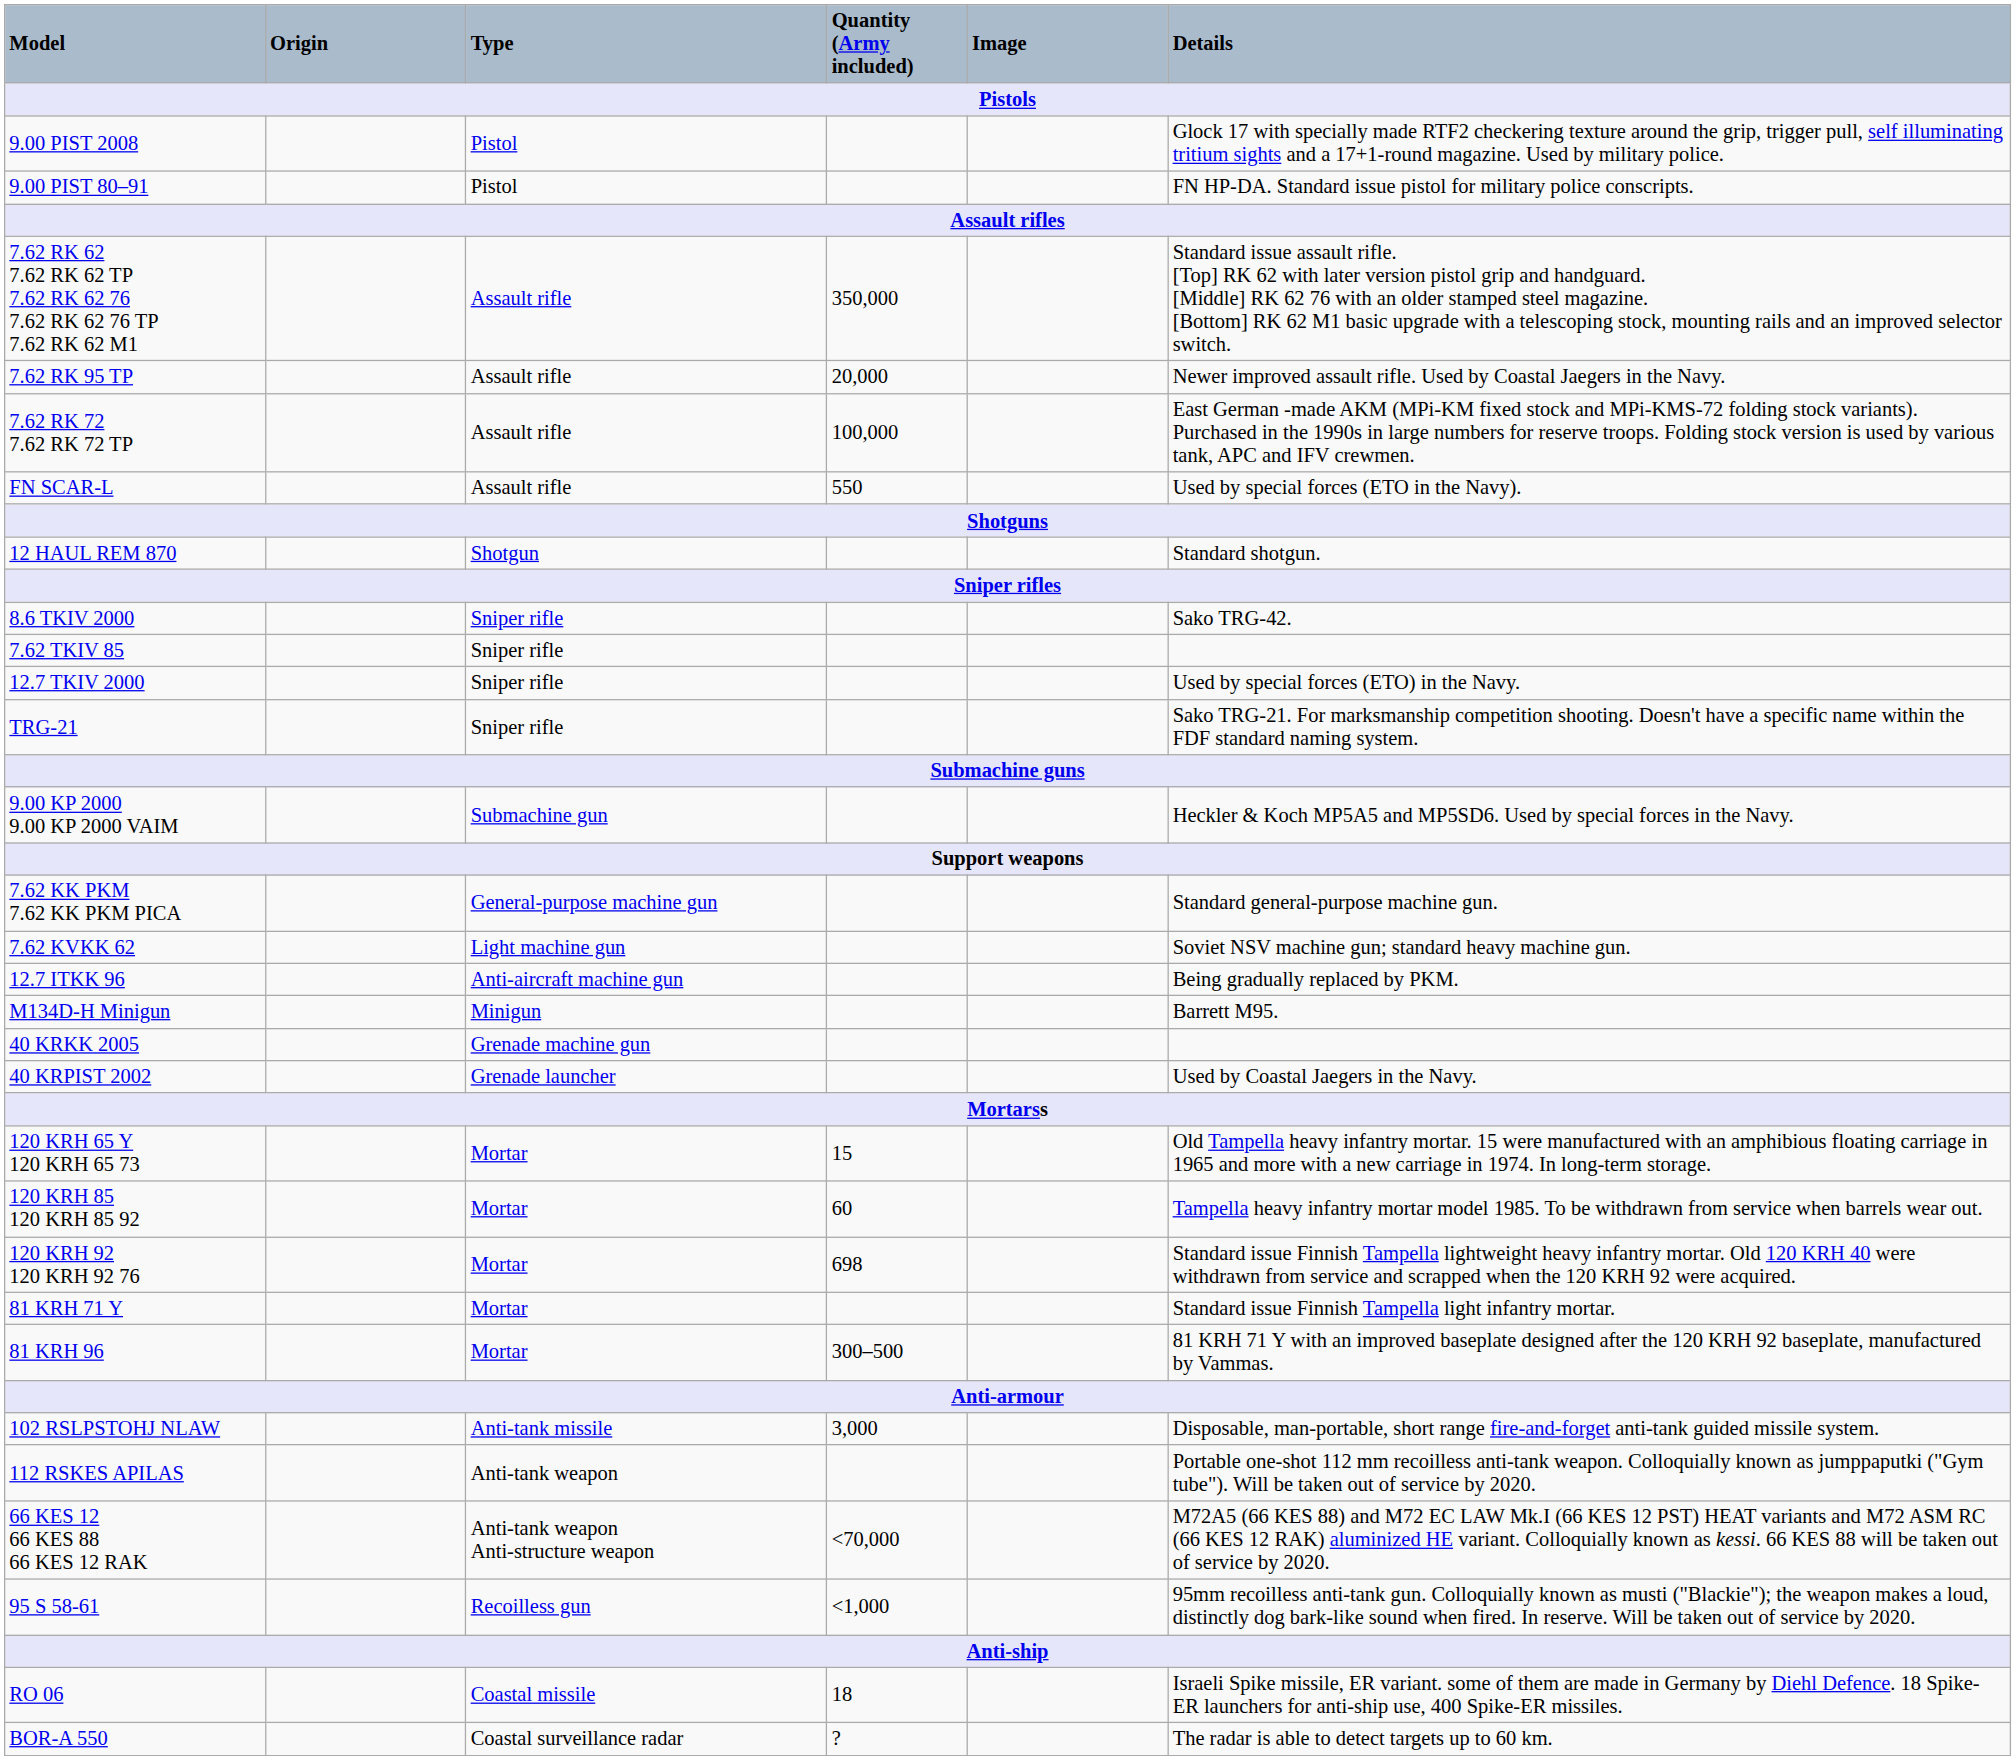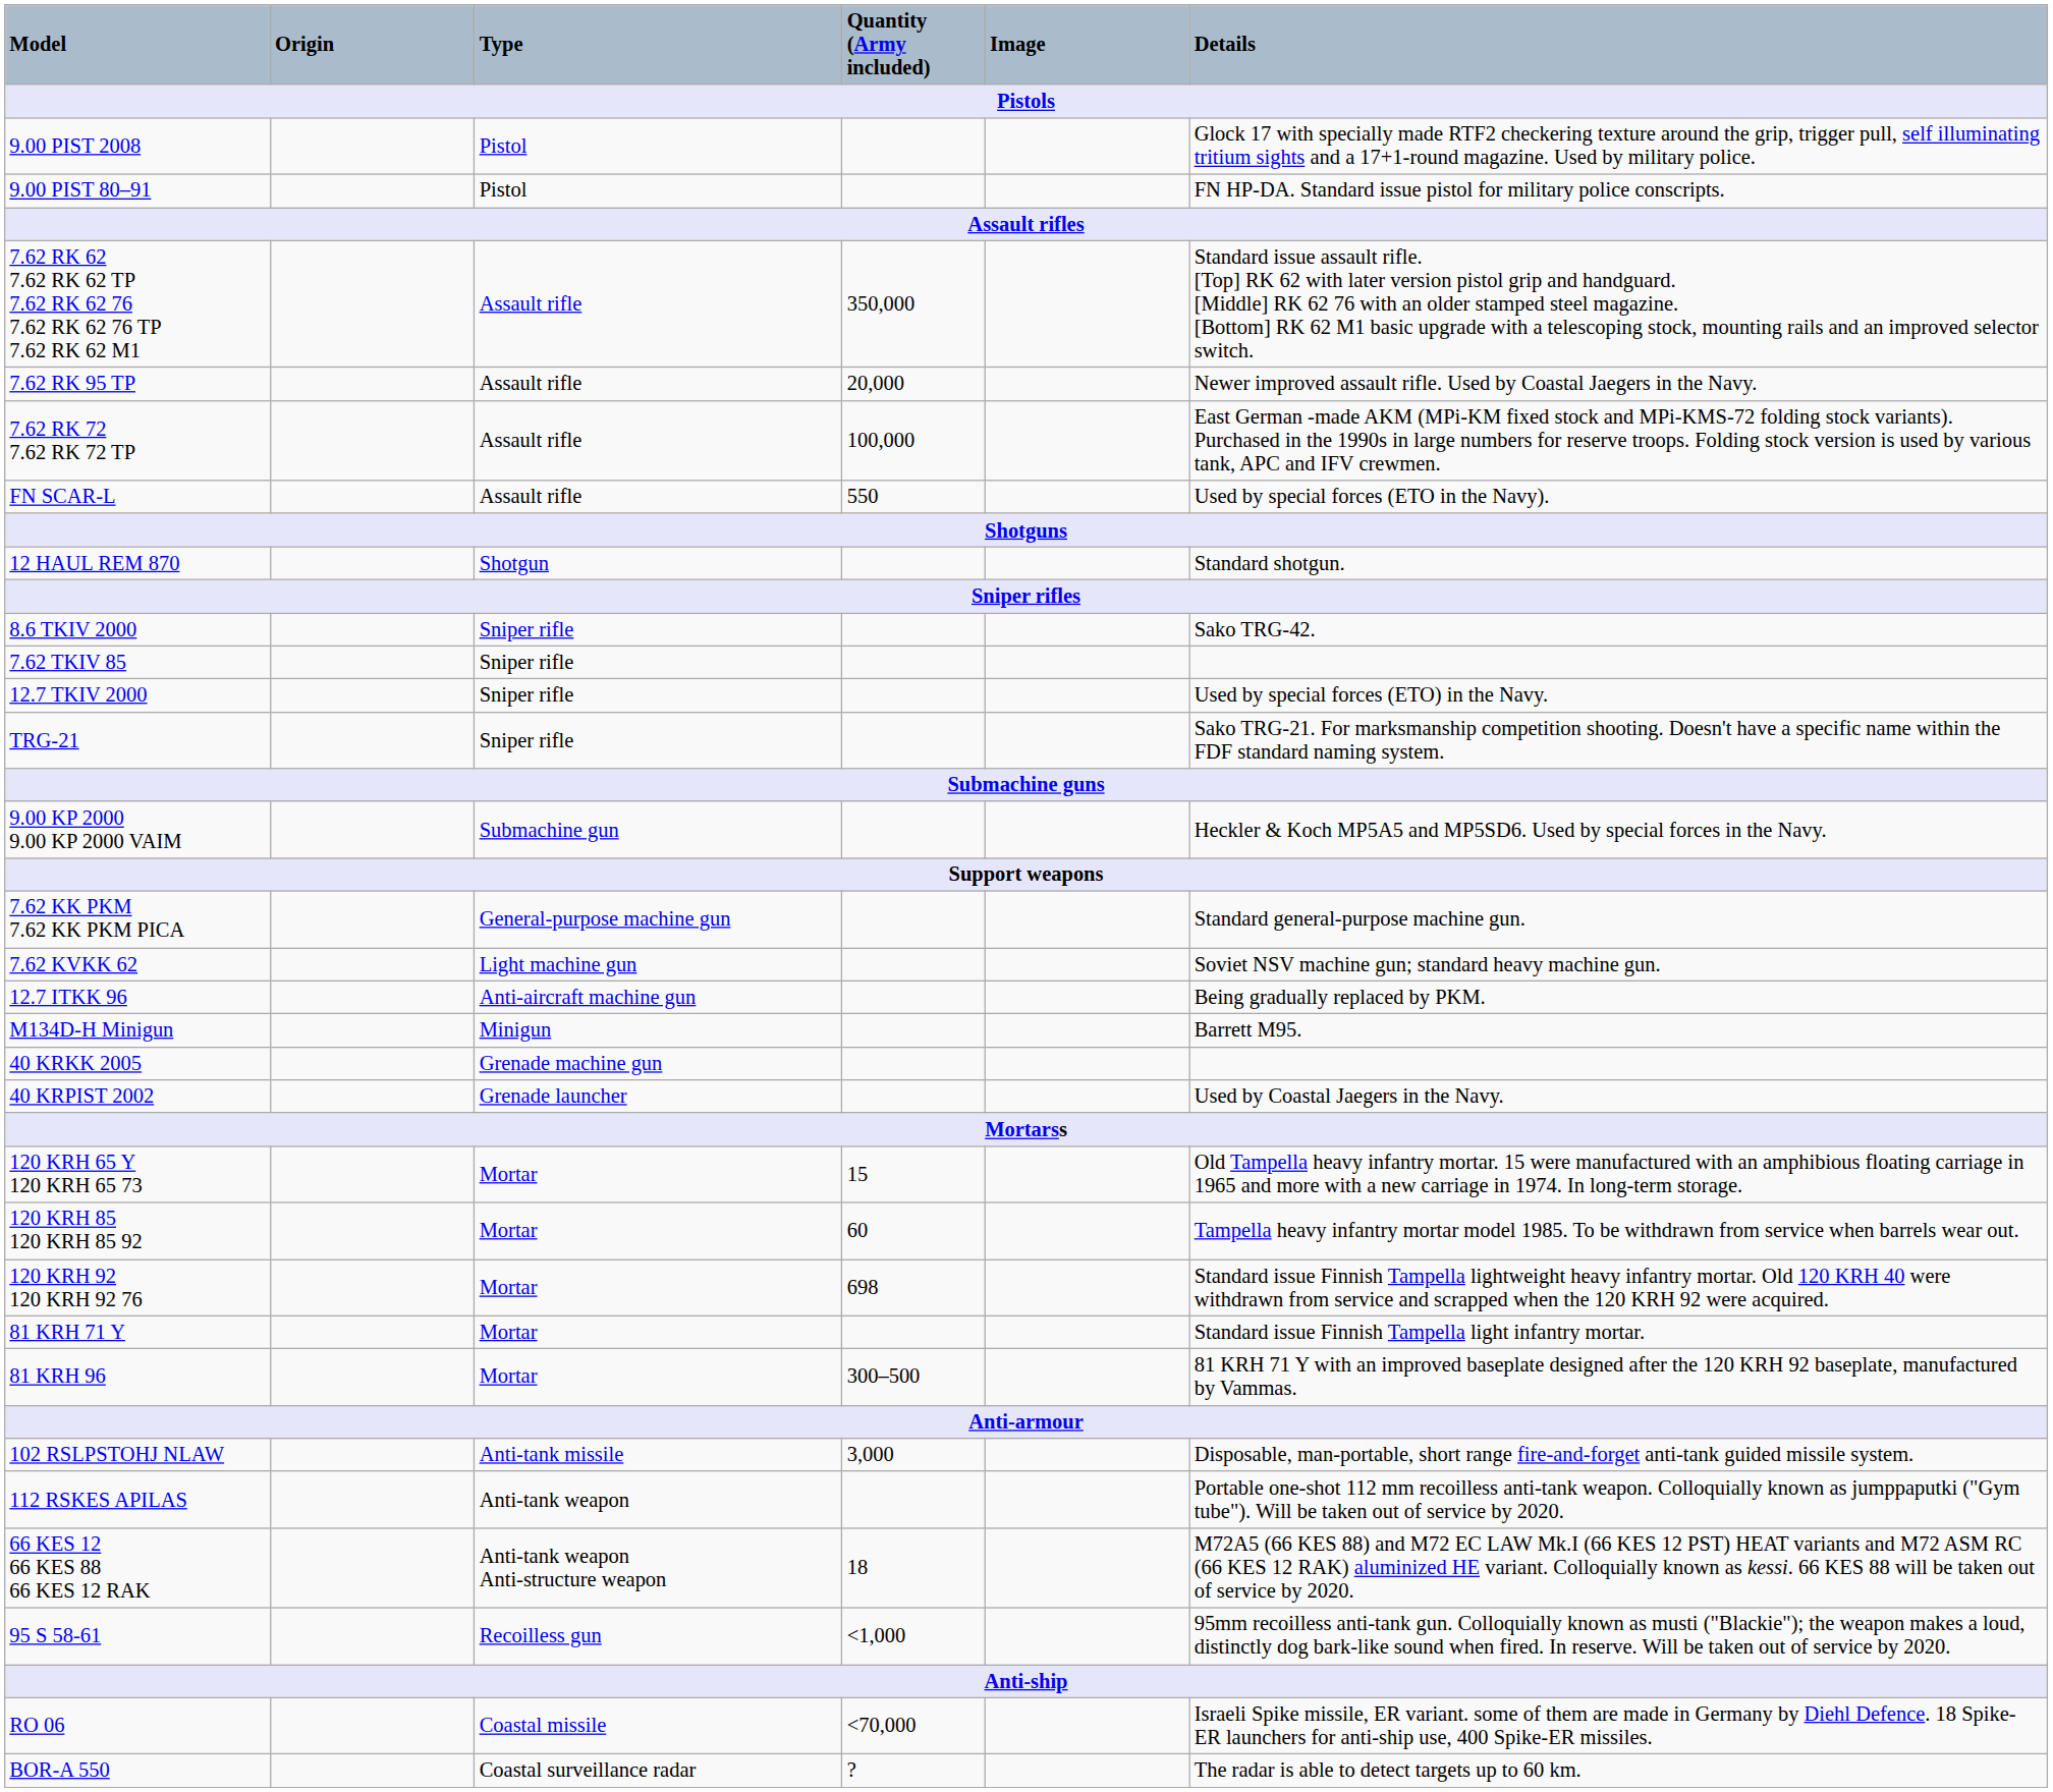 <table class="wikitable">
 <tr>
 <th style="text-align: left; background: #aabccc; width:13%;">Model</th>
 <th style="text-align: left; background: #aabccc; width:10%;">Origin</th>
 <th style="text-align: left; background: #aabccc; width:18%;">Type</th>
 <th style="text-align: left; background: #aabccc; width:7%;">Quantity (<a href='#'>Army</a> included)</th>
 <th style="text-align: left; background: #aabccc;width:10%;">Image</th>
 <th style="text-align: left; background: #aabccc;width:42%;">Details</th>
 </tr>
 <tr>
 <th style="align: center; background: lavender;" colspan="7"><a href='#'>Pistols</a></th>
 </tr>
 <tr>
 <td><a href='#'>9.00 PIST 2008</a></td>
 <td></td>
 <td><a href='#'>Pistol</a></td>
 <td></td>
 <td></td>
 <td>Glock 17 with specially made RTF2 checkering texture around the grip,  trigger pull, <a href='#'>self illuminating tritium sights</a> and a 17+1-round magazine. Used by military police.</td>
 </tr>
 <tr>
 <td><a href='#'>9.00 PIST 80–91</a></td>
 <td></td>
 <td>Pistol</td>
 <td></td>
 <td></td>
 <td>FN HP-DA. Standard issue pistol for military police conscripts.</td>
 </tr>
 <tr>
 <th style="align: center; background: lavender;" colspan="7"><a href='#'>Assault rifles</a></th>
 </tr>
 <tr>
 <td><a href='#'>7.62 RK 62</a><br>7.62 RK 62 TP<br><a href='#'>7.62 RK 62 76</a><br>7.62 RK 62 76 TP<br>7.62 RK 62 M1</td>
 <td></td>
 <td><a href='#'>Assault rifle</a></td>
 <td>350,000</td>
 <td><br><br></td>
 <td>Standard issue assault rifle.<br>[Top] RK 62 with later version pistol grip and handguard.<br>[Middle] RK 62 76 with an older stamped steel magazine.<br>[Bottom] RK 62 M1 basic upgrade with a telescoping stock, mounting rails and an improved selector switch.</td>
 </tr>
 <tr>
 <td><a href='#'>7.62 RK 95 TP</a><br></td>
 <td></td>
 <td>Assault rifle</td>
 <td>20,000</td>
 <td></td>
 <td>Newer improved assault rifle. Used by Coastal Jaegers in the Navy.</td>
 </tr>
 <tr>
 <td><a href='#'>7.62 RK 72</a><br>7.62 RK 72 TP</td>
 <td></td>
 <td>Assault rifle</td>
 <td>100,000</td>
 <td></td>
 <td>East German -made AKM (MPi-KM fixed stock and MPi-KMS-72 folding stock variants). Purchased in the 1990s in large numbers for reserve troops. Folding stock version is used by various tank, APC and IFV crewmen.</td>
 </tr>
 <tr>
 <td><a href='#'>FN SCAR-L</a></td>
 <td></td>
 <td>Assault rifle</td>
 <td>550</td>
 <td></td>
 <td>Used by special forces (ETO in the Navy).</td>
 </tr>
 <tr>
 <th style="align: center; background: lavender;" colspan="7"><a href='#'>Shotguns</a></th>
 </tr>
 <tr>
 <td><a href='#'>12 HAUL REM 870</a></td>
 <td></td>
 <td><a href='#'>Shotgun</a></td>
 <td></td>
 <td></td>
 <td>Standard shotgun.</td>
 </tr>
 <tr>
 <th style="align: center; background: lavender;" colspan="7"><a href='#'>Sniper rifles</a></th>
 </tr>
 <tr>
 <td><a href='#'>8.6 TKIV 2000</a></td>
 <td></td>
 <td><a href='#'>Sniper rifle</a></td>
 <td></td>
 <td></td>
 <td>Sako TRG-42.</td>
 </tr>
 <tr>
 <td><a href='#'>7.62 TKIV 85</a></td>
 <td></td>
 <td>Sniper rifle</td>
 <td></td>
 <td></td>
 <td></td>
 </tr>
 <tr>
 <td><a href='#'>12.7 TKIV 2000</a></td>
 <td></td>
 <td>Sniper rifle</td>
 <td></td>
 <td></td>
 <td>Used by special forces (ETO) in the Navy.</td>
 </tr>
 <tr>
 <td><a href='#'>TRG-21</a></td>
 <td></td>
 <td>Sniper rifle</td>
 <td></td>
 <td></td>
 <td>Sako TRG-21. For marksmanship competition shooting. Doesn't have a specific name within the FDF standard naming system.</td>
 </tr>
 <tr>
 <th style="align: center; background: lavender;" colspan="7"><a href='#'>Submachine guns</a></th>
 </tr>
 <tr>
 <td><a href='#'>9.00 KP 2000</a><br>9.00 KP 2000 VAIM</td>
 <td></td>
 <td><a href='#'>Submachine gun</a></td>
 <td></td>
 <td></td>
 <td>Heckler & Koch MP5A5 and MP5SD6. Used by special forces in the Navy.</td>
 </tr>
 <tr>
 <th style="align: center; background: lavender;" colspan="7">Support weapons</th>
 </tr>
 <tr>
 <td><a href='#'>7.62 KK PKM</a><br>7.62 KK PKM PICA</td>
 <td><br></td>
 <td><a href='#'>General-purpose machine gun</a></td>
 <td></td>
 <td></td>
 <td>Standard general-purpose machine gun.</td>
 </tr>
 <tr>
 <td><a href='#'>7.62 KVKK 62</a></td>
 <td></td>
 <td><a href='#'>Light machine gun</a></td>
 <td></td>
 <td></td>
 <td>Soviet NSV machine gun; standard heavy machine gun.</td>
 </tr>
 <tr>
 <td><a href='#'>12.7 ITKK 96</a></td>
 <td></td>
 <td><a href='#'>Anti-aircraft machine gun</a></td>
 <td></td>
 <td></td>
 <td>Being gradually replaced by PKM.</td>
 </tr>
 <tr>
 <td><a href='#'>M134D-H Minigun</a></td>
 <td></td>
 <td><a href='#'>Minigun</a></td>
 <td></td>
 <td></td>
 <td>Barrett M95.</td>
 </tr>
 <tr>
 <td><a href='#'>40 KRKK 2005</a></td>
 <td></td>
 <td><a href='#'>Grenade machine gun</a></td>
 <td></td>
 <td></td>
 <td></td>
 </tr>
 <tr>
 <td><a href='#'>40 KRPIST 2002</a></td>
 <td></td>
 <td><a href='#'>Grenade launcher</a></td>
 <td></td>
 <td></td>
 <td>Used by Coastal Jaegers in the Navy.</td>
 </tr>
 <tr>
 <th style="align: center; background: lavender;" colspan="7"><a href='#'>Mortars</a>s</th>
 </tr>
 <tr>
 <td><a href='#'>120 KRH 65 Y</a><br>120 KRH 65 73</td>
 <td></td>
 <td><a href='#'>Mortar</a></td>
 <td>15<br></td>
 <td></td>
 <td>Old <a href='#'>Tampella</a> heavy infantry mortar. 15 were manufactured with an amphibious floating carriage in 1965 and more with a new carriage in 1974. In long-term storage.</td>
 </tr>
 <tr>
 <td><a href='#'>120 KRH 85</a><br>120 KRH 85 92</td>
 <td></td>
 <td><a href='#'>Mortar</a></td>
 <td>60</td>
 <td></td>
 <td><a href='#'>Tampella</a> heavy infantry mortar model 1985. To be withdrawn from service when barrels wear out.</td>
 </tr>
 <tr>
 <td><a href='#'>120 KRH 92</a><br>120 KRH 92 76</td>
 <td></td>
 <td><a href='#'>Mortar</a></td>
 <td>698</td>
 <td></td>
 <td>Standard issue Finnish <a href='#'>Tampella</a> lightweight heavy infantry mortar. Old <a href='#'>120 KRH 40</a> were withdrawn from service and scrapped when the 120 KRH 92 were acquired.</td>
 </tr>
 <tr>
 <td><a href='#'>81 KRH 71 Y</a></td>
 <td></td>
 <td><a href='#'>Mortar</a></td>
 <td></td>
 <td></td>
 <td>Standard issue Finnish <a href='#'>Tampella</a> light infantry mortar.</td>
 </tr>
 <tr>
 <td><a href='#'>81 KRH 96</a></td>
 <td></td>
 <td><a href='#'>Mortar</a></td>
 <td>300–500</td>
 <td></td>
 <td>81 KRH 71 Y with an improved baseplate designed after the 120 KRH 92 baseplate, manufactured by Vammas.</td>
 </tr>
 <tr>
 <th style="align: center; background: lavender;" colspan="7"><a href='#'>Anti-armour</a></th>
 </tr>
 <tr>
 <td><a href='#'>102 RSLPSTOHJ NLAW</a></td>
 <td><br></td>
 <td><a href='#'>Anti-tank missile</a></td>
 <td>3,000</td>
 <td></td>
 <td>Disposable, man-portable, short range <a href='#'>fire-and-forget</a> anti-tank guided missile system.</td>
 </tr>
 <tr>
 <td><a href='#'>112 RSKES APILAS</a></td>
 <td></td>
 <td>Anti-tank weapon</td>
 <td></td>
 <td></td>
 <td>Portable one-shot 112 mm recoilless anti-tank weapon. Colloquially known as jumppaputki ("Gym tube"). Will be taken out of service by 2020.</td>
 </tr>
 <tr>
 <td><a href='#'>66 KES 12</a><br>66 KES 88<br>66 KES 12 RAK</td>
 <td><br></td>
 <td>Anti-tank weapon<br>Anti-structure weapon</td>
-<td><70,000<br></td>
+<td>18</td>
 <td></td>
 <td>M72A5 (66 KES 88) and M72 EC LAW Mk.I (66 KES 12 PST) HEAT variants and M72 ASM RC (66 KES 12 RAK) <a href='#'>aluminized HE</a> variant. Colloquially known as <em>kessi</em>. 66 KES 88 will be taken out of service by 2020.</td>
 </tr>
 <tr>
 <td><a href='#'>95 S 58-61</a></td>
 <td></td>
 <td><a href='#'>Recoilless gun</a></td>
 <td><1,000</td>
 <td></td>
 <td>95mm recoilless anti-tank gun. Colloquially known as musti ("Blackie"); the weapon makes a loud, distinctly dog bark-like sound when fired. In reserve. Will be taken out of service by 2020.</td>
 </tr>
 <tr>
 <th style="align: center; background: lavender;" colspan="7"><a href='#'>Anti-ship</a></th>
 </tr>
 <tr>
 <td><a href='#'>RO 06</a></td>
 <td><br></td>
 <td><a href='#'>Coastal missile</a></td>
-<td>18</td>
+<td><70,000<br></td>
 <td></td>
 <td>Israeli Spike missile, ER variant. some of them are made in Germany by <a href='#'>Diehl Defence</a>. 18 Spike-ER launchers for anti-ship use, 400 Spike-ER missiles.</td>
 </tr>
 <tr>
 <td><a href='#'>BOR-A 550</a></td>
 <td></td>
 <td>Coastal surveillance radar</td>
 <td>?</td>
 <td></td>
 <td>The radar is able to detect targets up to 60 km.</td>
 </tr>
 <tr>
 </tr>
 </table>
